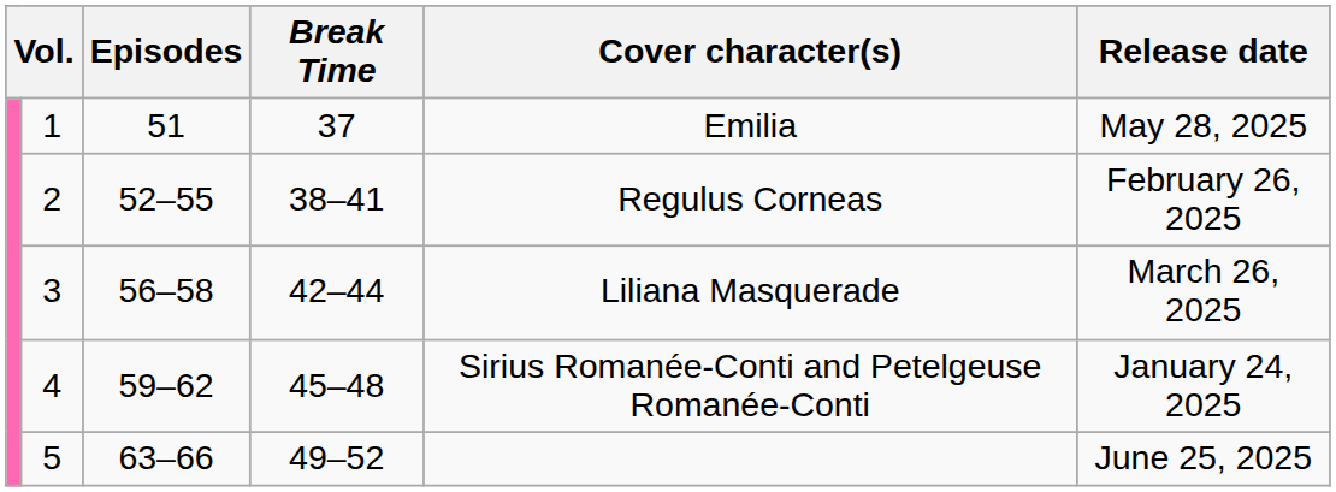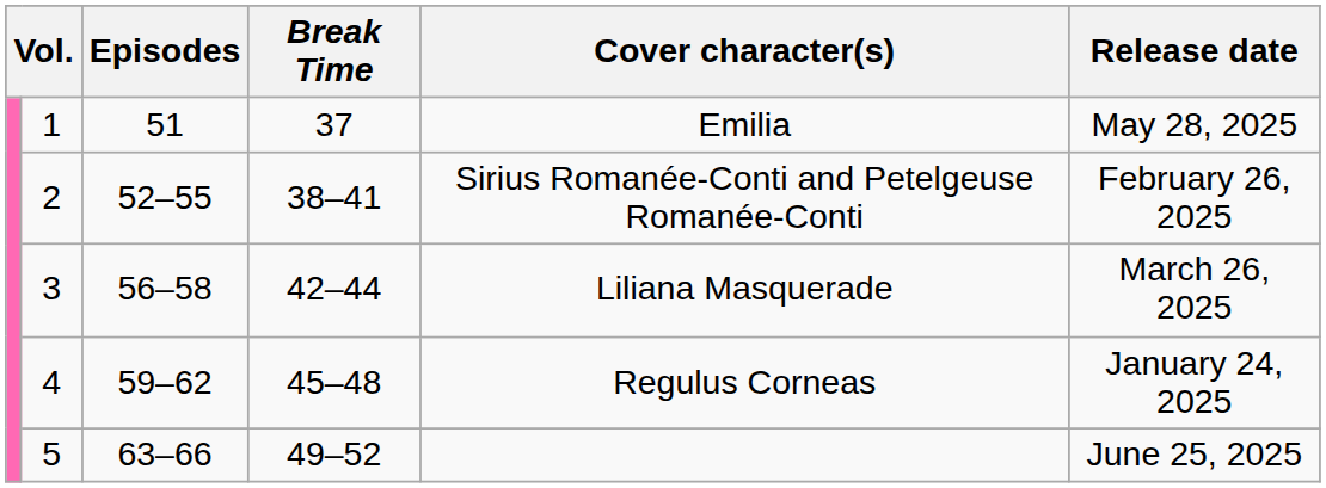 <table class="wikitable" style="text-align: center; width: 70%;">
 <tr>
 <th colspan="2">Vol.</th>
 <th>Episodes</th>
 <th><em>Break Time</em></th>
 <th>Cover character(s)</th>
 <th>Release date</th>
 </tr>
 <tr>
 <td rowspan="5" width="1%" style="background: #FF69B4;"></td>
 <td>1</td>
 <td>51</td>
 <td>37</td>
 <td>Emilia</td>
 <td>May 28, 2025</td>
 </tr>
 <tr>
 <td>2</td>
 <td>52–55</td>
 <td>38–41</td>
-<td>Regulus Corneas</td>
+<td>Sirius Romanée-Conti and Petelgeuse Romanée-Conti</td>
 <td>February 26, 2025</td>
 </tr>
 <tr>
 <td>3</td>
 <td>56–58</td>
 <td>42–44</td>
 <td>Liliana Masquerade</td>
 <td>March 26, 2025</td>
 </tr>
 <tr>
 <td>4</td>
 <td>59–62</td>
 <td>45–48</td>
-<td>Sirius Romanée-Conti and Petelgeuse Romanée-Conti</td>
+<td>Regulus Corneas</td>
 <td>January 24, 2025</td>
 </tr>
 <tr>
 <td>5</td>
 <td>63–66</td>
 <td>49–52</td>
 <td></td>
 <td>June 25, 2025</td>
 </tr>
 </table>
